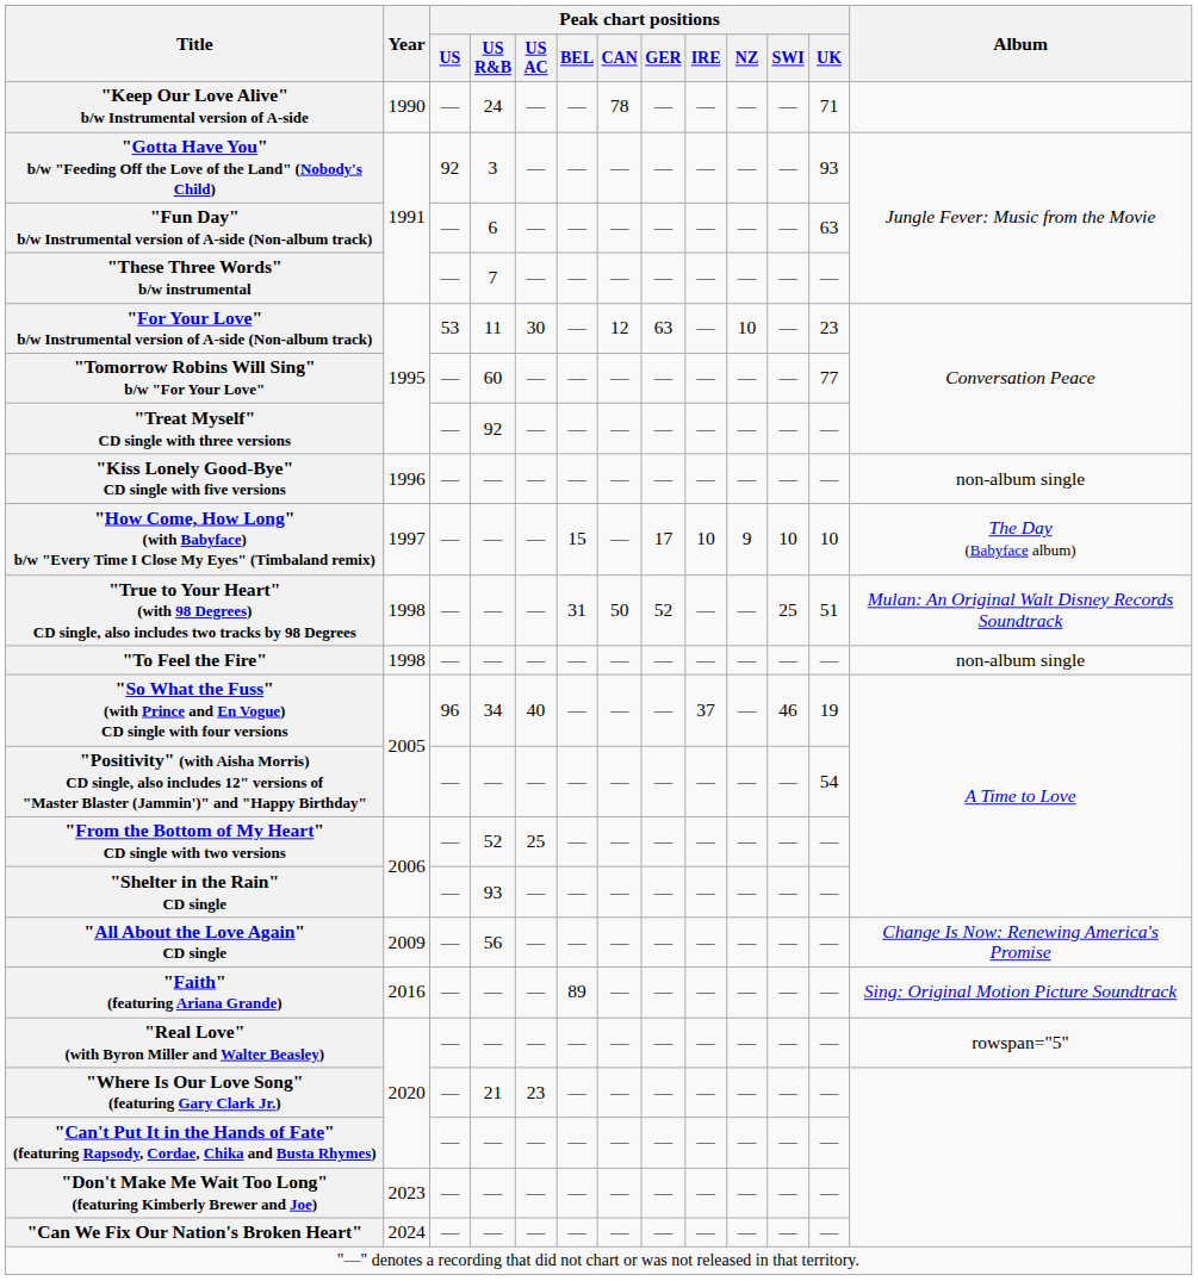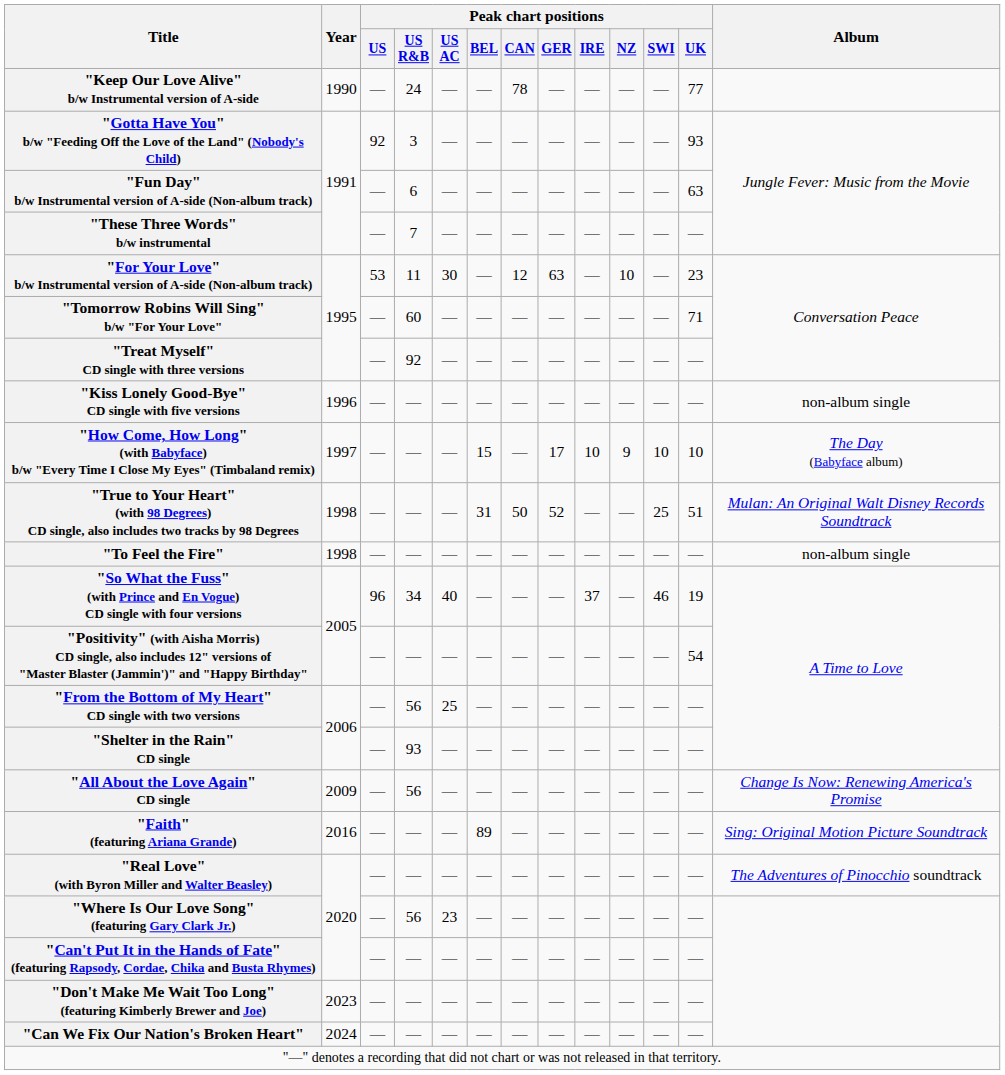 <table class="wikitable plainrowheaders" style="text-align:center;">
 <tr>
 <th scope="col" rowspan="2" style="width:20em;">Title</th>
 <th scope="col" rowspan="2">Year</th>
 <th colspan="10" scope="col">Peak chart positions</th>
 <th scope="col" rowspan="2" style="width:18em;">Album</th>
 </tr>
 <tr>
 <th scope="col" style="width:2em;font-size:90%"><a href='#'>US</a><br></th>
 <th scope="col" style="width:2em;font-size:90%"><a href='#'>US<br>R&B</a><br></th>
 <th scope="col" style="width:2em;font-size:90%"><a href='#'>US<br>AC</a><br></th>
 <th scope="col" style="width:2em;font-size:90%"><a href='#'>BEL</a><br></th>
 <th scope="col" style="width:2em;font-size:90%"><a href='#'>CAN</a><br></th>
 <th scope="col" style="width:2em;font-size:90%"><a href='#'>GER</a><br></th>
 <th scope="col" style="width:2em;font-size:90%"><a href='#'>IRE</a><br></th>
 <th scope="col" style="width:2em;font-size:90%"><a href='#'>NZ</a><br></th>
 <th scope="col" style="width:2em;font-size:90%"><a href='#'>SWI</a><br></th>
 <th scope="col" style="width:2em;font-size:90%"><a href='#'>UK</a><br></th>
 </tr>
 <tr>
 <th scope="row">"Keep Our Love Alive"<br><small>b/w Instrumental version of A-side</small></th>
 <td>1990</td>
 <td align="center">—</td>
 <td align="center">24</td>
 <td align="center">—</td>
 <td align="center">—</td>
 <td align="center">78</td>
 <td align="center">—</td>
 <td align="center">—</td>
 <td align="center">—</td>
 <td align="center">—</td>
-<td align="center">71</td>
+<td align="center">77</td>
 <td></td>
 </tr>
 <tr>
 <th scope="row">"<a href='#'>Gotta Have You</a>"<br><small>b/w "Feeding Off the Love of the Land" (<a href='#'>Nobody's Child</a>)</small></th>
 <td rowspan="3">1991</td>
 <td align="center">92</td>
 <td align="center">3</td>
 <td align="center">—</td>
 <td align="center">—</td>
 <td align="center">—</td>
 <td align="center">—</td>
 <td align="center">—</td>
 <td align="center">—</td>
 <td align="center">—</td>
 <td align="center">93</td>
 <td rowspan="3"><em>Jungle Fever: Music from the Movie</em></td>
 </tr>
 <tr>
 <th scope="row">"Fun Day"<br><small>b/w Instrumental version of A-side (Non-album track)</small></th>
 <td align="center">—</td>
 <td align="center">6</td>
 <td align="center">—</td>
 <td align="center">—</td>
 <td align="center">—</td>
 <td align="center">—</td>
 <td align="center">—</td>
 <td align="center">—</td>
 <td align="center">—</td>
 <td align="center">63</td>
 </tr>
 <tr>
 <th scope="row">"These Three Words"<br><small>b/w instrumental</small></th>
 <td align="center">—</td>
 <td align="center">7</td>
 <td align="center">—</td>
 <td align="center">—</td>
 <td align="center">—</td>
 <td align="center">—</td>
 <td align="center">—</td>
 <td align="center">—</td>
 <td align="center">—</td>
 <td align="center">—</td>
 </tr>
 <tr>
 <th scope="row">"<a href='#'>For Your Love</a>"<br><small>b/w Instrumental version of A-side (Non-album track)</small></th>
 <td rowspan="3">1995</td>
 <td align="center">53</td>
 <td align="center">11</td>
 <td align="center">30</td>
 <td align="center">—</td>
 <td align="center">12</td>
 <td align="center">63</td>
 <td align="center">—</td>
 <td align="center">10</td>
 <td align="center">—</td>
 <td align="center">23</td>
 <td rowspan="3"><em>Conversation Peace</em></td>
 </tr>
 <tr>
 <th scope="row">"Tomorrow Robins Will Sing"<br><small>b/w "For Your Love"</small></th>
 <td align="center">—</td>
 <td align="center">60</td>
 <td align="center">—</td>
 <td align="center">—</td>
 <td align="center">—</td>
 <td align="center">—</td>
 <td align="center">—</td>
 <td align="center">—</td>
 <td align="center">—</td>
-<td align="center">77</td>
+<td align="center">71</td>
 </tr>
 <tr>
 <th scope="row">"Treat Myself"<br><small>CD single with three versions</small></th>
 <td align="center">—</td>
 <td align="center">92</td>
 <td align="center">—</td>
 <td align="center">—</td>
 <td align="center">—</td>
 <td align="center">—</td>
 <td align="center">—</td>
 <td align="center">—</td>
 <td align="center">—</td>
 <td align="center">—</td>
 </tr>
 <tr>
 <th scope="row">"Kiss Lonely Good-Bye"<br><small>CD single with five versions</small></th>
 <td>1996</td>
 <td align="center">—</td>
 <td align="center">—</td>
 <td align="center">—</td>
 <td align="center">—</td>
 <td align="center">—</td>
 <td align="center">—</td>
 <td align="center">—</td>
 <td align="center">—</td>
 <td align="center">—</td>
 <td align="center">—</td>
 <td>non-album single</td>
 </tr>
 <tr>
 <th scope="row">"<a href='#'>How Come, How Long</a>" <br><small>(with <a href='#'>Babyface</a>)</small><br><small>b/w "Every Time I Close My Eyes" (Timbaland remix)</small></th>
 <td>1997</td>
 <td align="center">—</td>
 <td align="center">—</td>
 <td align="center">—</td>
 <td align="center">15</td>
 <td align="center">—</td>
 <td align="center">17</td>
 <td align="center">10</td>
 <td align="center">9</td>
 <td align="center">10</td>
 <td align="center">10</td>
 <td><em><a href='#'>The Day</a></em><br><small>(<a href='#'>Babyface</a> album)</small></td>
 </tr>
 <tr>
 <th scope="row">"True to Your Heart" <br><small>(with <a href='#'>98 Degrees</a>)</small><br><small>CD single, also includes two tracks by 98 Degrees</small></th>
 <td>1998</td>
 <td align="center">—</td>
 <td align="center">—</td>
 <td align="center">—</td>
 <td align="center">31</td>
 <td align="center">50</td>
 <td align="center">52</td>
 <td align="center">—</td>
 <td align="center">—</td>
 <td align="center">25</td>
 <td align="center">51</td>
 <td><em><a href='#'>Mulan: An Original Walt Disney Records Soundtrack</a></em></td>
 </tr>
 <tr>
 <th scope="row">"To Feel the Fire"</th>
 <td>1998</td>
 <td align="center">—</td>
 <td align="center">—</td>
 <td align="center">—</td>
 <td align="center">—</td>
 <td align="center">—</td>
 <td align="center">—</td>
 <td align="center">—</td>
 <td align="center">—</td>
 <td align="center">—</td>
 <td align="center">—</td>
 <td>non-album single</td>
 </tr>
 <tr>
 <th scope="row">"<a href='#'>So What the Fuss</a>" <br><small>(with <a href='#'>Prince</a> and <a href='#'>En Vogue</a>)</small><br><small>CD single with four versions</small></th>
 <td rowspan="2">2005</td>
 <td align="center">96</td>
 <td align="center">34</td>
 <td align="center">40</td>
 <td align="center">—</td>
 <td align="center">—</td>
 <td align="center">—</td>
 <td align="center">37</td>
 <td align="center">—</td>
 <td align="center">46</td>
 <td align="center">19</td>
 <td rowspan="4"><em><a href='#'>A Time to Love</a></em></td>
 </tr>
 <tr>
 <th scope="row">"Positivity" <small>(with Aisha Morris)</small><br><small>CD single, also includes 12" versions of<br>"Master Blaster (Jammin')" and "Happy Birthday" </small></th>
 <td align="center">—</td>
 <td align="center">—</td>
 <td align="center">—</td>
 <td align="center">—</td>
 <td align="center">—</td>
 <td align="center">—</td>
 <td align="center">—</td>
 <td align="center">—</td>
 <td align="center">—</td>
 <td align="center">54</td>
 </tr>
 <tr>
 <th scope="row">"<a href='#'>From the Bottom of My Heart</a>"<br><small>CD single with two versions</small></th>
 <td rowspan="2">2006</td>
 <td align="center">—</td>
-<td align="center">52</td>
+<td align="center">56</td>
 <td align="center">25</td>
 <td align="center">—</td>
 <td align="center">—</td>
 <td align="center">—</td>
 <td align="center">—</td>
 <td align="center">—</td>
 <td align="center">—</td>
 <td align="center">—</td>
 </tr>
 <tr>
 <th scope="row">"Shelter in the Rain"<br><small>CD single</small></th>
 <td align="center">—</td>
 <td align="center">93</td>
 <td align="center">—</td>
 <td align="center">—</td>
 <td align="center">—</td>
 <td align="center">—</td>
 <td align="center">—</td>
 <td align="center">—</td>
 <td align="center">—</td>
 <td align="center">—</td>
 </tr>
 <tr>
 <th scope="row">"<a href='#'>All About the Love Again</a>"<br><small>CD single</small></th>
 <td>2009</td>
 <td align="center">—</td>
 <td align="center">56</td>
 <td align="center">—</td>
 <td align="center">—</td>
 <td align="center">—</td>
 <td align="center">—</td>
 <td align="center">—</td>
 <td align="center">—</td>
 <td align="center">—</td>
 <td align="center">—</td>
 <td><em><a href='#'>Change Is Now: Renewing America's Promise</a></em></td>
 </tr>
 <tr>
 <th scope="row">"<a href='#'>Faith</a>"<br><small>(featuring <a href='#'>Ariana Grande</a>)</small></th>
 <td>2016</td>
 <td align="center">—</td>
 <td align="center">—</td>
 <td align="center">—</td>
 <td align="center">89</td>
 <td align="center">—</td>
 <td align="center">—</td>
 <td align="center">—</td>
 <td align="center">—</td>
 <td align="center">—</td>
 <td align="center">—</td>
 <td><em><a href='#'>Sing: Original Motion Picture Soundtrack</a></em></td>
 </tr>
 <tr>
 <th scope="row">"Real Love"<br><small>(with Byron Miller and <a href='#'>Walter Beasley</a>)</small></th>
 <td rowspan="3">2020</td>
 <td align="center">—</td>
 <td align="center">—</td>
 <td align="center">—</td>
 <td align="center">—</td>
 <td align="center">—</td>
 <td align="center">—</td>
 <td align="center">—</td>
 <td align="center">—</td>
 <td align="center">—</td>
 <td align="center">—</td>
-<td>rowspan="5" </td>
+<td><em><a href='#'>The Adventures of Pinocchio</a></em> soundtrack</td>
 </tr>
 <tr>
 <th scope="row">"Where Is Our Love Song"<br><small>(featuring <a href='#'>Gary Clark Jr.</a>)</small></th>
 <td align="center">—</td>
-<td align="center">21</td>
+<td align="center">56</td>
 <td align="center">23</td>
 <td align="center">—</td>
 <td align="center">—</td>
 <td align="center">—</td>
 <td align="center">—</td>
 <td align="center">—</td>
 <td align="center">—</td>
 <td align="center">—</td>
 </tr>
 <tr>
 <th scope="row">"<a href='#'>Can't Put It in the Hands of Fate</a>"<br><small>(featuring <a href='#'>Rapsody</a>, <a href='#'>Cordae</a>, <a href='#'>Chika</a> and <a href='#'>Busta Rhymes</a>)</small></th>
 <td align="center">—</td>
 <td align="center">—</td>
 <td align="center">—</td>
 <td align="center">—</td>
 <td align="center">—</td>
 <td align="center">—</td>
 <td align="center">—</td>
 <td align="center">—</td>
 <td align="center">—</td>
 <td align="center">—</td>
 </tr>
 <tr>
 <th scope="row">"Don't Make Me Wait Too Long"<br><small>(featuring Kimberly Brewer and <a href='#'>Joe</a>)</small></th>
 <td align="center">2023</td>
 <td align="center">—</td>
 <td align="center">—</td>
 <td align="center">—</td>
 <td align="center">—</td>
 <td align="center">—</td>
 <td align="center">—</td>
 <td align="center">—</td>
 <td align="center">—</td>
 <td align="center">—</td>
 <td align="center">—</td>
 </tr>
 <tr>
 <th scope="row">"Can We Fix Our Nation's Broken Heart"</th>
 <td align="center">2024</td>
 <td align="center">—</td>
 <td align="center">—</td>
 <td align="center">—</td>
 <td align="center">—</td>
 <td align="center">—</td>
 <td align="center">—</td>
 <td align="center">—</td>
 <td align="center">—</td>
 <td align="center">—</td>
 <td align="center">—</td>
 </tr>
 <tr>
 <td colspan="16" style="font-size:90%">"—" denotes a recording that did not chart or was not released in that territory.</td>
 </tr>
 </table>
